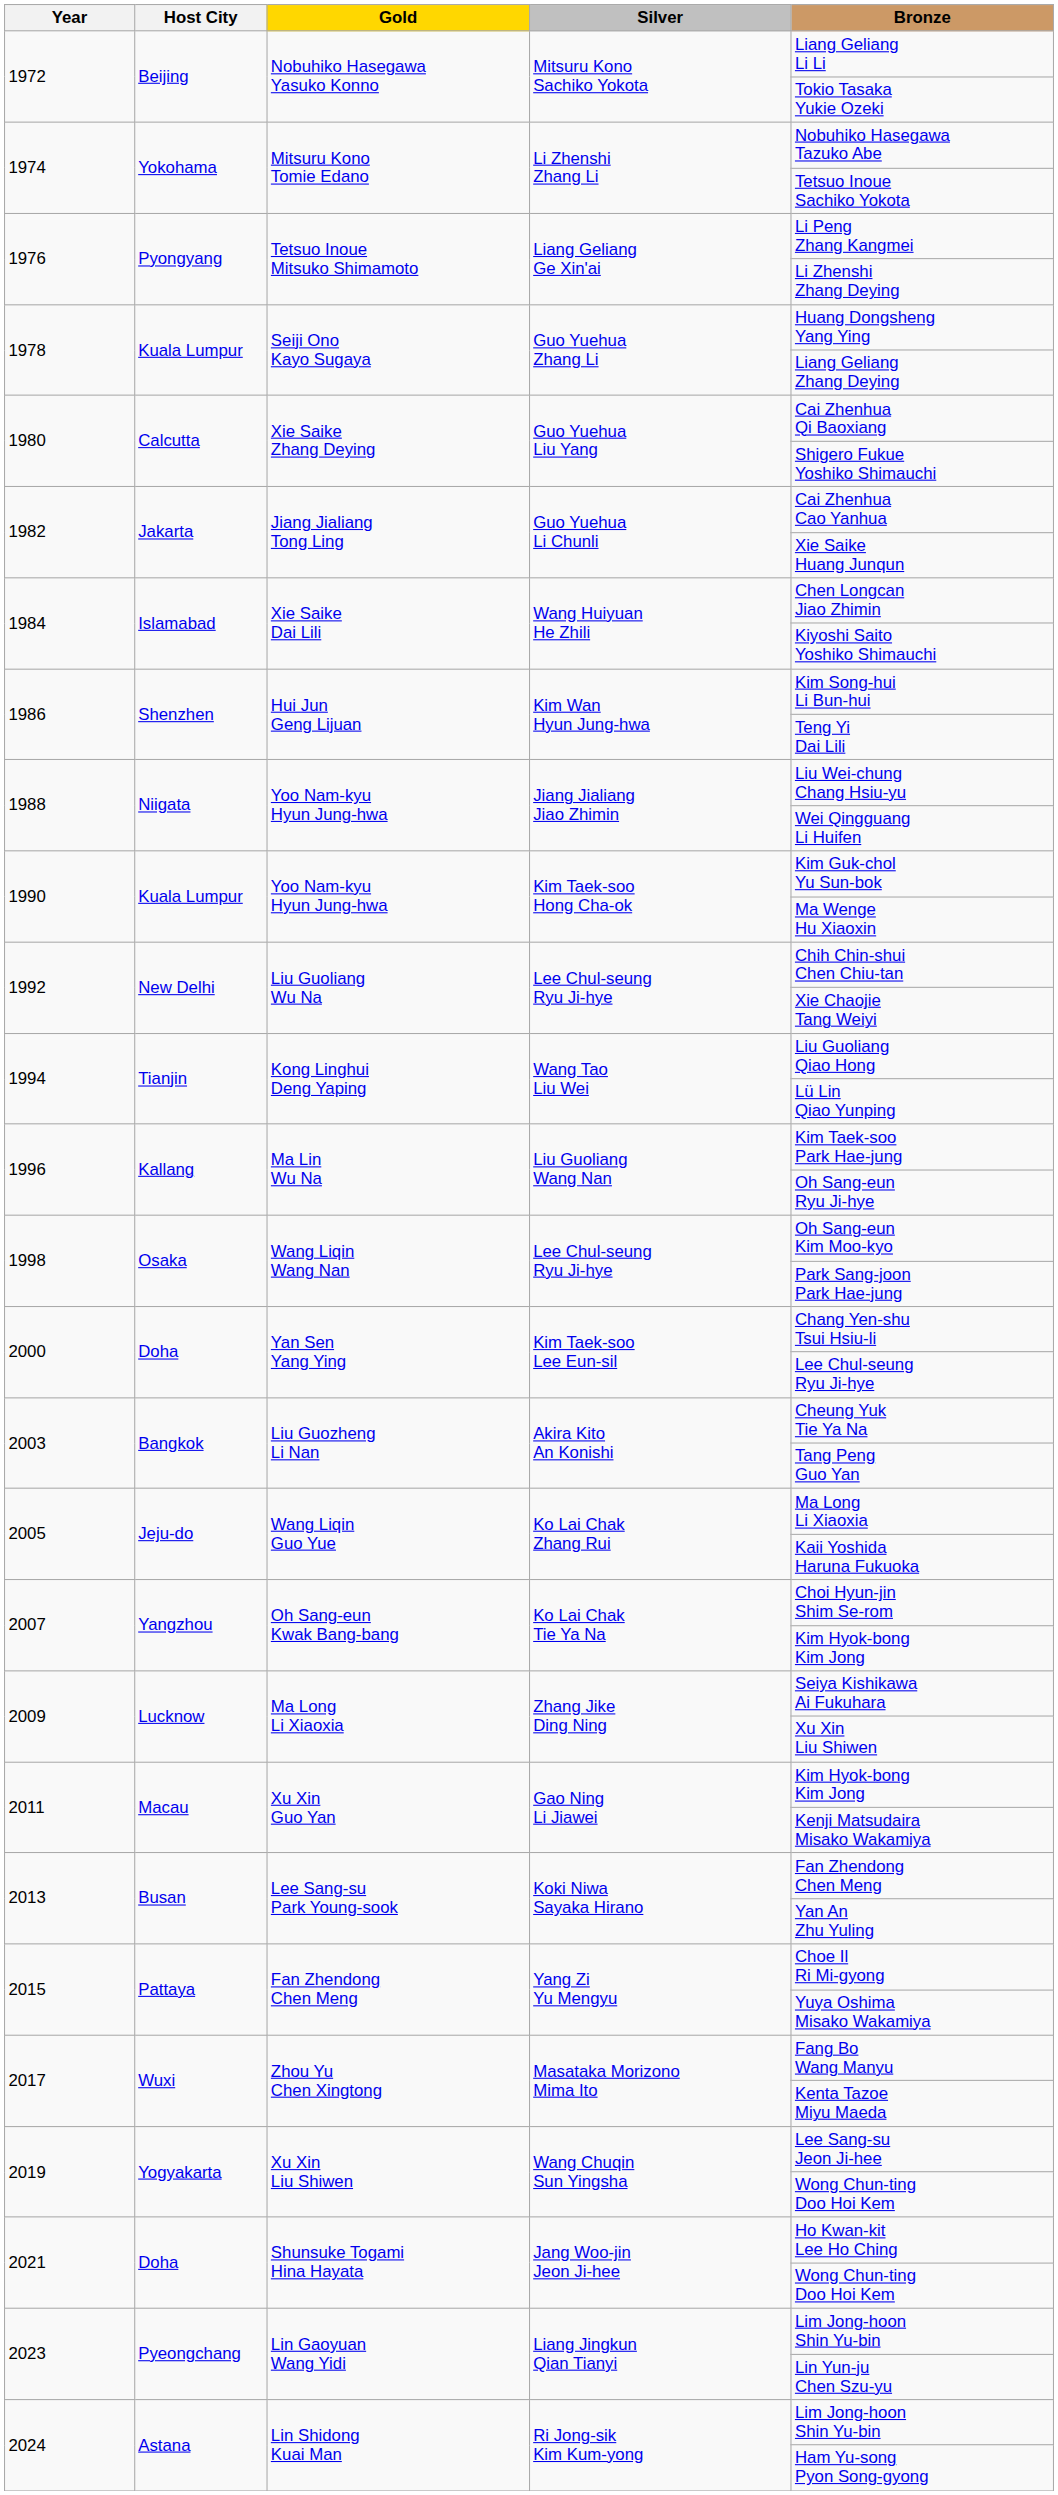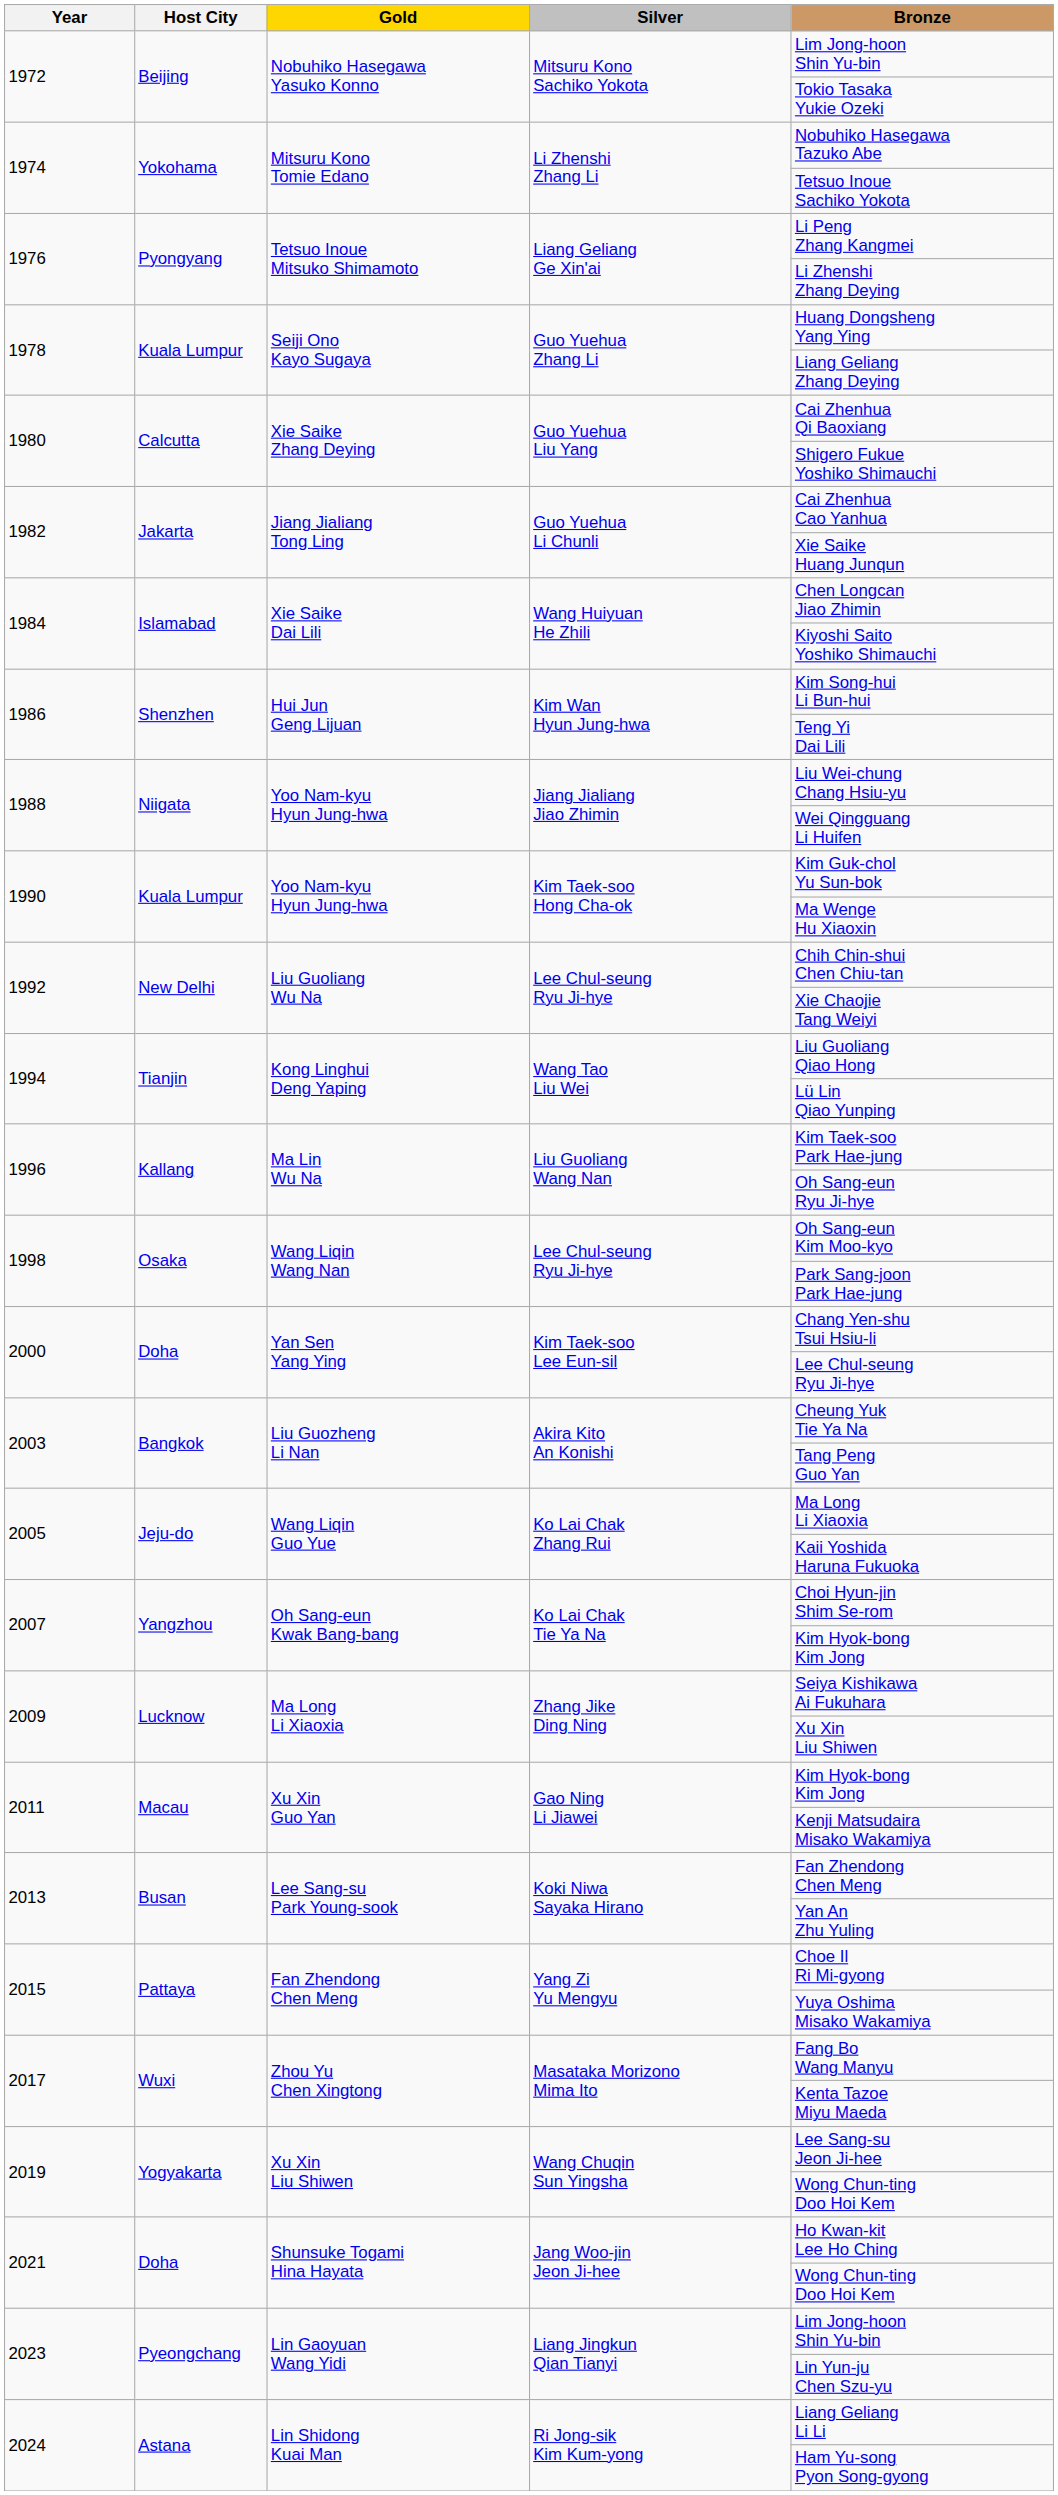 <table class="wikitable" style="text-align:left; width:1000px;">
 <tr>
 <th width="120">Year</th>
 <th width="120">Host City</th>
 <th width="250" style="background-color: gold">Gold</th>
 <th width="250" style="background-color: silver">Silver</th>
 <th width="250" style="background-color: #cc9966">Bronze</th>
 </tr>
 <tr>
 <td rowspan=2>1972</td>
 <td rowspan=2><a href='#'>Beijing</a></td>
 <td rowspan=2> <a href='#'>Nobuhiko Hasegawa</a><br> <a href='#'>Yasuko Konno</a></td>
 <td rowspan=2> <a href='#'>Mitsuru Kono</a><br> <a href='#'>Sachiko Yokota</a></td>
-<td> <a href='#'>Liang Geliang</a><br> <a href='#'>Li Li</a></td>
+<td> <a href='#'>Lim Jong-hoon</a><br> <a href='#'>Shin Yu-bin</a></td>
 </tr>
 <tr>
 <td> <a href='#'>Tokio Tasaka</a><br> <a href='#'>Yukie Ozeki</a></td>
 </tr>
 <tr>
 <td rowspan=2>1974</td>
 <td rowspan=2><a href='#'>Yokohama</a></td>
 <td rowspan=2> <a href='#'>Mitsuru Kono</a><br> <a href='#'>Tomie Edano</a></td>
 <td rowspan=2> <a href='#'>Li Zhenshi</a><br> <a href='#'>Zhang Li</a></td>
 <td> <a href='#'>Nobuhiko Hasegawa</a><br> <a href='#'>Tazuko Abe</a></td>
 </tr>
 <tr>
 <td> <a href='#'>Tetsuo Inoue</a><br> <a href='#'>Sachiko Yokota</a></td>
 </tr>
 <tr>
 <td rowspan=2>1976</td>
 <td rowspan=2><a href='#'>Pyongyang</a></td>
 <td rowspan=2> <a href='#'>Tetsuo Inoue</a><br> <a href='#'>Mitsuko Shimamoto</a></td>
 <td rowspan=2> <a href='#'>Liang Geliang</a><br> <a href='#'>Ge Xin'ai</a></td>
 <td> <a href='#'>Li Peng</a><br> <a href='#'>Zhang Kangmei</a></td>
 </tr>
 <tr>
 <td> <a href='#'>Li Zhenshi</a><br> <a href='#'>Zhang Deying</a></td>
 </tr>
 <tr>
 <td rowspan=2>1978</td>
 <td rowspan=2><a href='#'>Kuala Lumpur</a></td>
 <td rowspan=2> <a href='#'>Seiji Ono</a><br> <a href='#'>Kayo Sugaya</a></td>
 <td rowspan=2> <a href='#'>Guo Yuehua</a><br> <a href='#'>Zhang Li</a></td>
 <td> <a href='#'>Huang Dongsheng</a><br> <a href='#'>Yang Ying</a></td>
 </tr>
 <tr>
 <td> <a href='#'>Liang Geliang</a><br> <a href='#'>Zhang Deying</a></td>
 </tr>
 <tr>
 <td rowspan=2>1980</td>
 <td rowspan=2><a href='#'>Calcutta</a></td>
 <td rowspan=2> <a href='#'>Xie Saike</a><br> <a href='#'>Zhang Deying</a></td>
 <td rowspan=2> <a href='#'>Guo Yuehua</a><br> <a href='#'>Liu Yang</a></td>
 <td> <a href='#'>Cai Zhenhua</a><br> <a href='#'>Qi Baoxiang</a></td>
 </tr>
 <tr>
 <td> <a href='#'>Shigero Fukue</a><br> <a href='#'>Yoshiko Shimauchi</a></td>
 </tr>
 <tr>
 <td rowspan=2>1982</td>
 <td rowspan=2><a href='#'>Jakarta</a></td>
 <td rowspan=2> <a href='#'>Jiang Jialiang</a><br> <a href='#'>Tong Ling</a></td>
 <td rowspan=2> <a href='#'>Guo Yuehua</a><br> <a href='#'>Li Chunli</a></td>
 <td> <a href='#'>Cai Zhenhua</a><br> <a href='#'>Cao Yanhua</a></td>
 </tr>
 <tr>
 <td> <a href='#'>Xie Saike</a><br> <a href='#'>Huang Junqun</a></td>
 </tr>
 <tr>
 <td rowspan=2>1984</td>
 <td rowspan=2><a href='#'>Islamabad</a></td>
 <td rowspan=2> <a href='#'>Xie Saike</a><br> <a href='#'>Dai Lili</a></td>
 <td rowspan=2> <a href='#'>Wang Huiyuan</a><br> <a href='#'>He Zhili</a></td>
 <td> <a href='#'>Chen Longcan</a><br> <a href='#'>Jiao Zhimin</a></td>
 </tr>
 <tr>
 <td> <a href='#'>Kiyoshi Saito</a><br> <a href='#'>Yoshiko Shimauchi</a></td>
 </tr>
 <tr>
 <td rowspan=2>1986</td>
 <td rowspan=2><a href='#'>Shenzhen</a></td>
 <td rowspan=2> <a href='#'>Hui Jun</a><br> <a href='#'>Geng Lijuan</a></td>
 <td rowspan=2> <a href='#'>Kim Wan</a><br> <a href='#'>Hyun Jung-hwa</a></td>
 <td> <a href='#'>Kim Song-hui</a><br> <a href='#'>Li Bun-hui</a></td>
 </tr>
 <tr>
 <td> <a href='#'>Teng Yi</a><br> <a href='#'>Dai Lili</a></td>
 </tr>
 <tr>
 <td rowspan=2>1988</td>
 <td rowspan=2><a href='#'>Niigata</a></td>
 <td rowspan=2> <a href='#'>Yoo Nam-kyu</a><br> <a href='#'>Hyun Jung-hwa</a></td>
 <td rowspan=2> <a href='#'>Jiang Jialiang</a><br> <a href='#'>Jiao Zhimin</a></td>
 <td> <a href='#'>Liu Wei-chung</a><br> <a href='#'>Chang Hsiu-yu</a></td>
 </tr>
 <tr>
 <td> <a href='#'>Wei Qingguang</a><br> <a href='#'>Li Huifen</a></td>
 </tr>
 <tr>
 <td rowspan=2>1990</td>
 <td rowspan=2><a href='#'>Kuala Lumpur</a></td>
 <td rowspan=2> <a href='#'>Yoo Nam-kyu</a><br> <a href='#'>Hyun Jung-hwa</a></td>
 <td rowspan=2> <a href='#'>Kim Taek-soo</a><br> <a href='#'>Hong Cha-ok</a></td>
 <td> <a href='#'>Kim Guk-chol</a><br> <a href='#'>Yu Sun-bok</a></td>
 </tr>
 <tr>
 <td> <a href='#'>Ma Wenge</a><br> <a href='#'>Hu Xiaoxin</a></td>
 </tr>
 <tr>
 <td rowspan=2>1992</td>
 <td rowspan=2><a href='#'>New Delhi</a></td>
 <td rowspan=2> <a href='#'>Liu Guoliang</a><br> <a href='#'>Wu Na</a></td>
 <td rowspan=2> <a href='#'>Lee Chul-seung</a><br> <a href='#'>Ryu Ji-hye</a></td>
 <td> <a href='#'>Chih Chin-shui</a><br> <a href='#'>Chen Chiu-tan</a></td>
 </tr>
 <tr>
 <td> <a href='#'>Xie Chaojie</a><br> <a href='#'>Tang Weiyi</a></td>
 </tr>
 <tr>
 <td rowspan=2>1994</td>
 <td rowspan=2><a href='#'>Tianjin</a></td>
 <td rowspan=2> <a href='#'>Kong Linghui</a><br> <a href='#'>Deng Yaping</a></td>
 <td rowspan=2> <a href='#'>Wang Tao</a><br> <a href='#'>Liu Wei</a></td>
 <td> <a href='#'>Liu Guoliang</a><br> <a href='#'>Qiao Hong</a></td>
 </tr>
 <tr>
 <td> <a href='#'>Lü Lin</a><br> <a href='#'>Qiao Yunping</a></td>
 </tr>
 <tr>
 <td rowspan=2>1996</td>
 <td rowspan=2><a href='#'>Kallang</a></td>
 <td rowspan=2> <a href='#'>Ma Lin</a><br> <a href='#'>Wu Na</a></td>
 <td rowspan=2> <a href='#'>Liu Guoliang</a><br> <a href='#'>Wang Nan</a></td>
 <td> <a href='#'>Kim Taek-soo</a><br> <a href='#'>Park Hae-jung</a></td>
 </tr>
 <tr>
 <td> <a href='#'>Oh Sang-eun</a><br> <a href='#'>Ryu Ji-hye</a></td>
 </tr>
 <tr>
 <td rowspan=2>1998</td>
 <td rowspan=2><a href='#'>Osaka</a></td>
 <td rowspan=2> <a href='#'>Wang Liqin</a><br> <a href='#'>Wang Nan</a></td>
 <td rowspan=2> <a href='#'>Lee Chul-seung</a><br> <a href='#'>Ryu Ji-hye</a></td>
 <td> <a href='#'>Oh Sang-eun</a><br> <a href='#'>Kim Moo-kyo</a></td>
 </tr>
 <tr>
 <td> <a href='#'>Park Sang-joon</a><br> <a href='#'>Park Hae-jung</a></td>
 </tr>
 <tr>
 <td rowspan=2>2000</td>
 <td rowspan=2><a href='#'>Doha</a></td>
 <td rowspan=2> <a href='#'>Yan Sen</a><br> <a href='#'>Yang Ying</a></td>
 <td rowspan=2> <a href='#'>Kim Taek-soo</a><br> <a href='#'>Lee Eun-sil</a></td>
 <td> <a href='#'>Chang Yen-shu</a><br> <a href='#'>Tsui Hsiu-li</a></td>
 </tr>
 <tr>
 <td> <a href='#'>Lee Chul-seung</a><br> <a href='#'>Ryu Ji-hye</a></td>
 </tr>
 <tr>
 <td rowspan=2>2003</td>
 <td rowspan=2><a href='#'>Bangkok</a></td>
 <td rowspan=2> <a href='#'>Liu Guozheng</a><br> <a href='#'>Li Nan</a></td>
 <td rowspan=2> <a href='#'>Akira Kito</a><br> <a href='#'>An Konishi</a></td>
 <td> <a href='#'>Cheung Yuk</a><br> <a href='#'>Tie Ya Na</a></td>
 </tr>
 <tr>
 <td> <a href='#'>Tang Peng</a><br> <a href='#'>Guo Yan</a></td>
 </tr>
 <tr>
 <td rowspan=2>2005</td>
 <td rowspan=2><a href='#'>Jeju-do</a></td>
 <td rowspan=2> <a href='#'>Wang Liqin</a><br> <a href='#'>Guo Yue</a></td>
 <td rowspan=2> <a href='#'>Ko Lai Chak</a><br> <a href='#'>Zhang Rui</a></td>
 <td> <a href='#'>Ma Long</a><br> <a href='#'>Li Xiaoxia</a></td>
 </tr>
 <tr>
 <td> <a href='#'>Kaii Yoshida</a><br> <a href='#'>Haruna Fukuoka</a></td>
 </tr>
 <tr>
 <td rowspan=2>2007</td>
 <td rowspan=2><a href='#'>Yangzhou</a></td>
 <td rowspan=2> <a href='#'>Oh Sang-eun</a><br> <a href='#'>Kwak Bang-bang</a></td>
 <td rowspan=2> <a href='#'>Ko Lai Chak</a><br> <a href='#'>Tie Ya Na</a></td>
 <td> <a href='#'>Choi Hyun-jin</a><br> <a href='#'>Shim Se-rom</a></td>
 </tr>
 <tr>
 <td> <a href='#'>Kim Hyok-bong</a><br> <a href='#'>Kim Jong</a></td>
 </tr>
 <tr>
 <td rowspan=2>2009</td>
 <td rowspan=2><a href='#'>Lucknow</a></td>
 <td rowspan=2> <a href='#'>Ma Long</a><br> <a href='#'>Li Xiaoxia</a></td>
 <td rowspan=2> <a href='#'>Zhang Jike</a><br> <a href='#'>Ding Ning</a></td>
 <td> <a href='#'>Seiya Kishikawa</a><br> <a href='#'>Ai Fukuhara</a></td>
 </tr>
 <tr>
 <td> <a href='#'>Xu Xin</a><br> <a href='#'>Liu Shiwen</a></td>
 </tr>
 <tr>
 <td rowspan=2>2011</td>
 <td rowspan=2><a href='#'>Macau</a></td>
 <td rowspan=2> <a href='#'>Xu Xin</a><br> <a href='#'>Guo Yan</a></td>
 <td rowspan=2> <a href='#'>Gao Ning</a><br> <a href='#'>Li Jiawei</a></td>
 <td> <a href='#'>Kim Hyok-bong</a><br> <a href='#'>Kim Jong</a></td>
 </tr>
 <tr>
 <td> <a href='#'>Kenji Matsudaira</a><br> <a href='#'>Misako Wakamiya</a></td>
 </tr>
 <tr>
 <td rowspan=2>2013</td>
 <td rowspan=2><a href='#'>Busan</a></td>
 <td rowspan=2> <a href='#'>Lee Sang-su</a><br> <a href='#'>Park Young-sook</a></td>
 <td rowspan=2> <a href='#'>Koki Niwa</a><br> <a href='#'>Sayaka Hirano</a></td>
 <td> <a href='#'>Fan Zhendong</a><br> <a href='#'>Chen Meng</a></td>
 </tr>
 <tr>
 <td> <a href='#'>Yan An</a><br> <a href='#'>Zhu Yuling</a></td>
 </tr>
 <tr>
 <td rowspan=2>2015</td>
 <td rowspan=2><a href='#'>Pattaya</a></td>
 <td rowspan=2> <a href='#'>Fan Zhendong</a><br> <a href='#'>Chen Meng</a></td>
 <td rowspan=2> <a href='#'>Yang Zi</a><br> <a href='#'>Yu Mengyu</a></td>
 <td> <a href='#'>Choe Il</a><br> <a href='#'>Ri Mi-gyong</a></td>
 </tr>
 <tr>
 <td> <a href='#'>Yuya Oshima</a><br> <a href='#'>Misako Wakamiya</a></td>
 </tr>
 <tr>
 <td rowspan=2>2017</td>
 <td rowspan=2><a href='#'>Wuxi</a></td>
 <td rowspan=2> <a href='#'>Zhou Yu</a><br> <a href='#'>Chen Xingtong</a></td>
 <td rowspan=2> <a href='#'>Masataka Morizono</a><br> <a href='#'>Mima Ito</a></td>
 <td> <a href='#'>Fang Bo</a><br> <a href='#'>Wang Manyu</a></td>
 </tr>
 <tr>
 <td> <a href='#'>Kenta Tazoe</a><br> <a href='#'>Miyu Maeda</a></td>
 </tr>
 <tr>
 <td rowspan=2>2019</td>
 <td rowspan=2><a href='#'>Yogyakarta</a></td>
 <td rowspan=2> <a href='#'>Xu Xin</a><br> <a href='#'>Liu Shiwen</a></td>
 <td rowspan=2> <a href='#'>Wang Chuqin</a><br> <a href='#'>Sun Yingsha</a></td>
 <td> <a href='#'>Lee Sang-su</a><br> <a href='#'>Jeon Ji-hee</a></td>
 </tr>
 <tr>
 <td> <a href='#'>Wong Chun-ting</a><br> <a href='#'>Doo Hoi Kem</a></td>
 </tr>
 <tr>
 <td rowspan=2>2021</td>
 <td rowspan=2><a href='#'>Doha</a></td>
 <td rowspan=2> <a href='#'>Shunsuke Togami</a><br> <a href='#'>Hina Hayata</a></td>
 <td rowspan=2> <a href='#'>Jang Woo-jin</a><br> <a href='#'>Jeon Ji-hee</a></td>
 <td> <a href='#'>Ho Kwan-kit</a><br> <a href='#'>Lee Ho Ching</a></td>
 </tr>
 <tr>
 <td> <a href='#'>Wong Chun-ting</a><br> <a href='#'>Doo Hoi Kem</a></td>
 </tr>
 <tr>
 <td rowspan=2>2023</td>
 <td rowspan=2><a href='#'>Pyeongchang</a></td>
 <td rowspan=2> <a href='#'>Lin Gaoyuan</a><br> <a href='#'>Wang Yidi</a></td>
 <td rowspan=2> <a href='#'>Liang Jingkun</a><br> <a href='#'>Qian Tianyi</a></td>
 <td> <a href='#'>Lim Jong-hoon</a><br> <a href='#'>Shin Yu-bin</a></td>
 </tr>
 <tr>
 <td> <a href='#'>Lin Yun-ju</a><br> <a href='#'>Chen Szu-yu</a></td>
 </tr>
 <tr>
 <td rowspan=2>2024</td>
 <td rowspan=2><a href='#'>Astana</a></td>
 <td rowspan=2> <a href='#'>Lin Shidong</a><br> <a href='#'>Kuai Man</a></td>
 <td rowspan=2> <a href='#'>Ri Jong-sik </a><br> <a href='#'>Kim Kum-yong</a></td>
-<td> <a href='#'>Lim Jong-hoon</a><br> <a href='#'>Shin Yu-bin</a></td>
+<td> <a href='#'>Liang Geliang</a><br> <a href='#'>Li Li</a></td>
 </tr>
 <tr>
 <td> <a href='#'>Ham Yu-song</a><br> <a href='#'>Pyon Song-gyong</a></td>
 </tr>
 </table>
